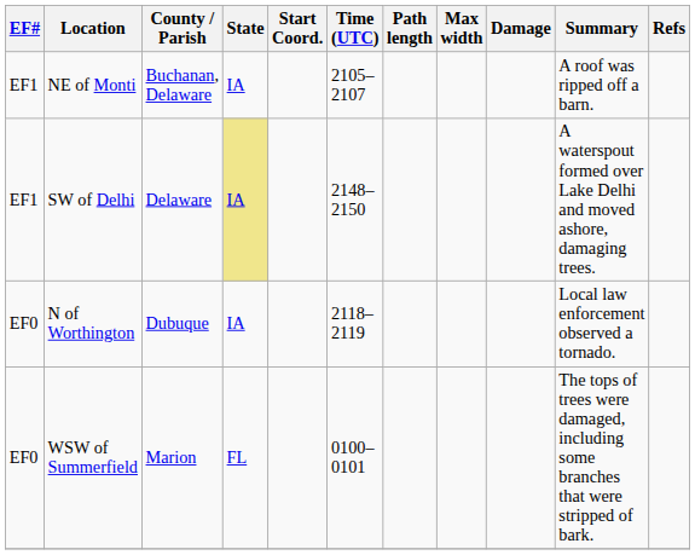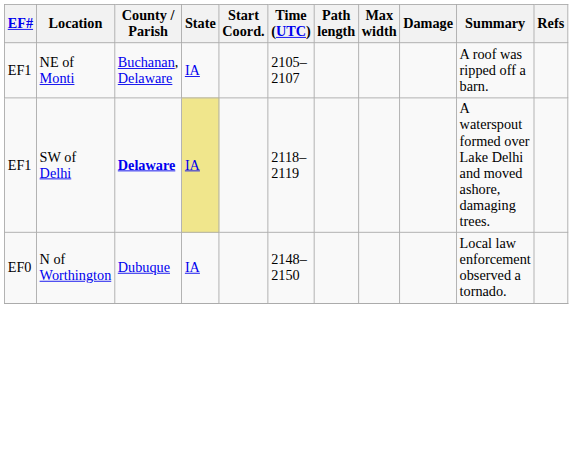 <table class="wikitable sortable" style="width:100%;">
 <tr>
 <th scope="col" width="3%" align="center"><a href='#'>EF#</a></th>
 <th scope="col" width="7%" align="center" class="unsortable">Location</th>
 <th scope="col" width="6%" align="center" class="unsortable">County / Parish</th>
 <th scope="col" width="5%" align="center">State</th>
 <th scope="col" width="6%" align="center">Start Coord.</th>
 <th scope="col" width="6%" align="center">Time (<a href='#'>UTC</a>)</th>
 <th scope="col" width="6%" align="center">Path length</th>
 <th scope="col" width="6%" align="center">Max width</th>
 <th scope="col" width="6%" align="center">Damage</th>
 <th scope="col" width="48%" class="unsortable" align="center">Summary</th>
 <th scope="col" width="48%" class="unsortable" align="center">Refs</th>
 </tr>
 <tr>
 <td>EF1</td>
 <td>NE of <a href='#'>Monti</a></td>
 <td><a href='#'>Buchanan</a>, <a href='#'>Delaware</a></td>
 <td><a href='#'>IA</a></td>
 <td></td>
 <td>2105–2107</td>
 <td></td>
 <td></td>
 <td></td>
 <td>A roof was ripped off a barn.</td>
 <td></td>
 </tr>
 <tr>
 <td>EF1</td>
 <td>SW of <a href='#'>Delhi</a></td>
-<td><a href='#'>Delaware</a></td>
+<td><strong><a href='#'>Delaware</a></strong></td>
 <td style="background: khaki;"><a href='#'>IA</a></td>
 <td></td>
-<td>2148–2150</td>
+<td>2118–2119</td>
 <td></td>
 <td></td>
 <td></td>
 <td>A waterspout formed over Lake Delhi and moved ashore, damaging trees.</td>
 <td></td>
 </tr>
 <tr>
 <td>EF0</td>
 <td>N of <a href='#'>Worthington</a></td>
 <td><a href='#'>Dubuque</a></td>
 <td><a href='#'>IA</a></td>
 <td></td>
-<td>2118–2119</td>
+<td>2148–2150</td>
 <td></td>
 <td></td>
 <td></td>
 <td>Local law enforcement observed a tornado.</td>
 <td></td>
 </tr>
 <tr>
-<td>EF0</td>
-<td>WSW of <a href='#'>Summerfield</a></td>
-<td><a href='#'>Marion</a></td>
-<td><a href='#'>FL</a></td>
-<td></td>
-<td>0100–0101</td>
-<td></td>
-<td></td>
-<td></td>
-<td>The tops of trees were damaged, including some branches that were stripped of bark.</td>
-<td></td>
-</tr>
-<tr>
 </tr>
 </table>
